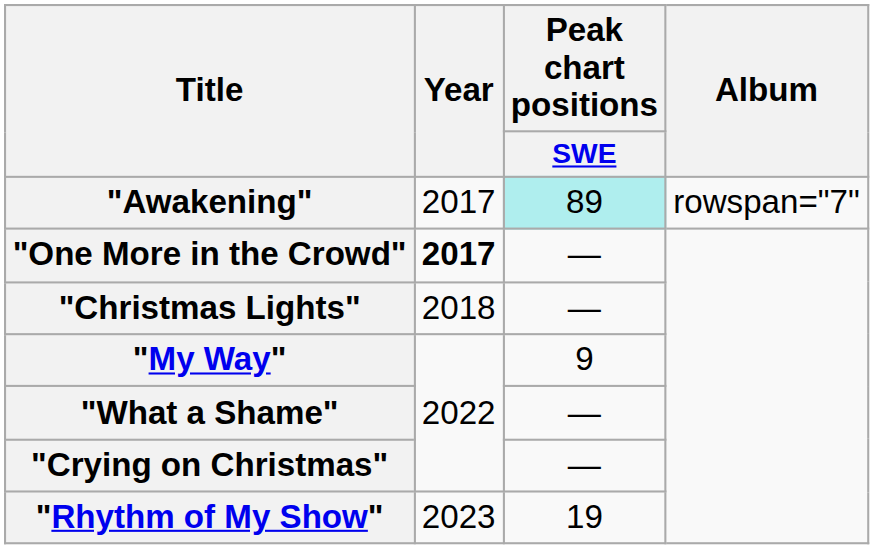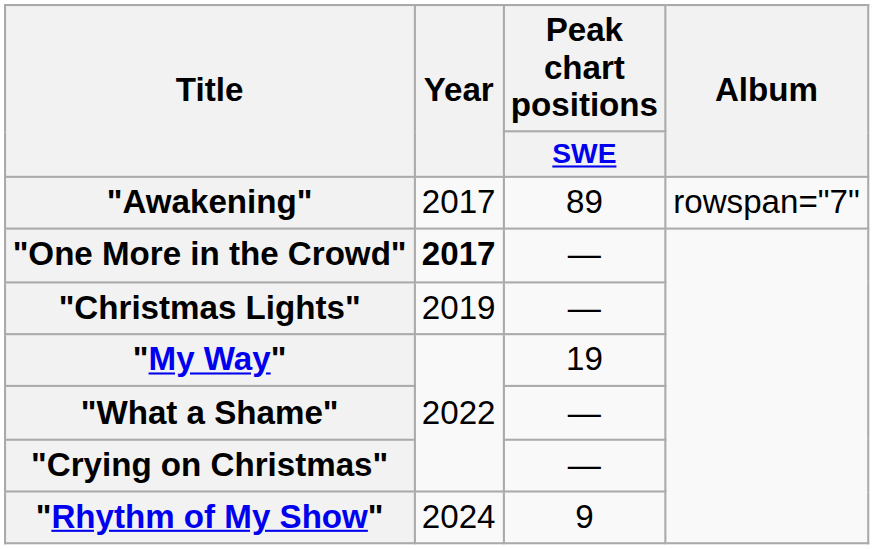 <table class="wikitable plainrowheaders" style="text-align:center;">
 <tr>
 <th scope="col" rowspan="2">Title</th>
 <th scope="col" rowspan="2">Year</th>
 <th scope="col" colspan="1">Peak chart positions</th>
 <th scope="col" rowspan="2">Album</th>
 </tr>
 <tr>
 <th scope="col" style="width:3em;font-size:85%;"><a href='#'>SWE</a><br></th>
 </tr>
 <tr>
 <th scope="row">"Awakening"</th>
 <td>2017</td>
-<td style="background: paleturquoise;">89</td>
+<td>89</td>
 <td>rowspan="7" </td>
 </tr>
 <tr>
 <th scope="row">"One More in the Crowd"</th>
 <td><strong>2017</strong></td>
 <td>—</td>
 </tr>
 <tr>
 <th scope="row">"Christmas Lights"</th>
-<td>2018</td>
+<td>2019</td>
 <td>—</td>
 </tr>
 <tr>
 <th scope="row">"<a href='#'>My Way</a>"</th>
 <td rowspan="3">2022</td>
-<td>9<br></td>
+<td>19<br></td>
 </tr>
 <tr>
 <th scope="row">"What a Shame"</th>
 <td>—</td>
 </tr>
 <tr>
 <th scope="row">"Crying on Christmas"</th>
 <td>—</td>
 </tr>
 <tr>
 <th scope="row">"<a href='#'>Rhythm of My Show</a>"</th>
-<td>2023</td>
-<td>19<br></td>
+<td>2024</td>
+<td>9<br></td>
 </tr>
 </table>
